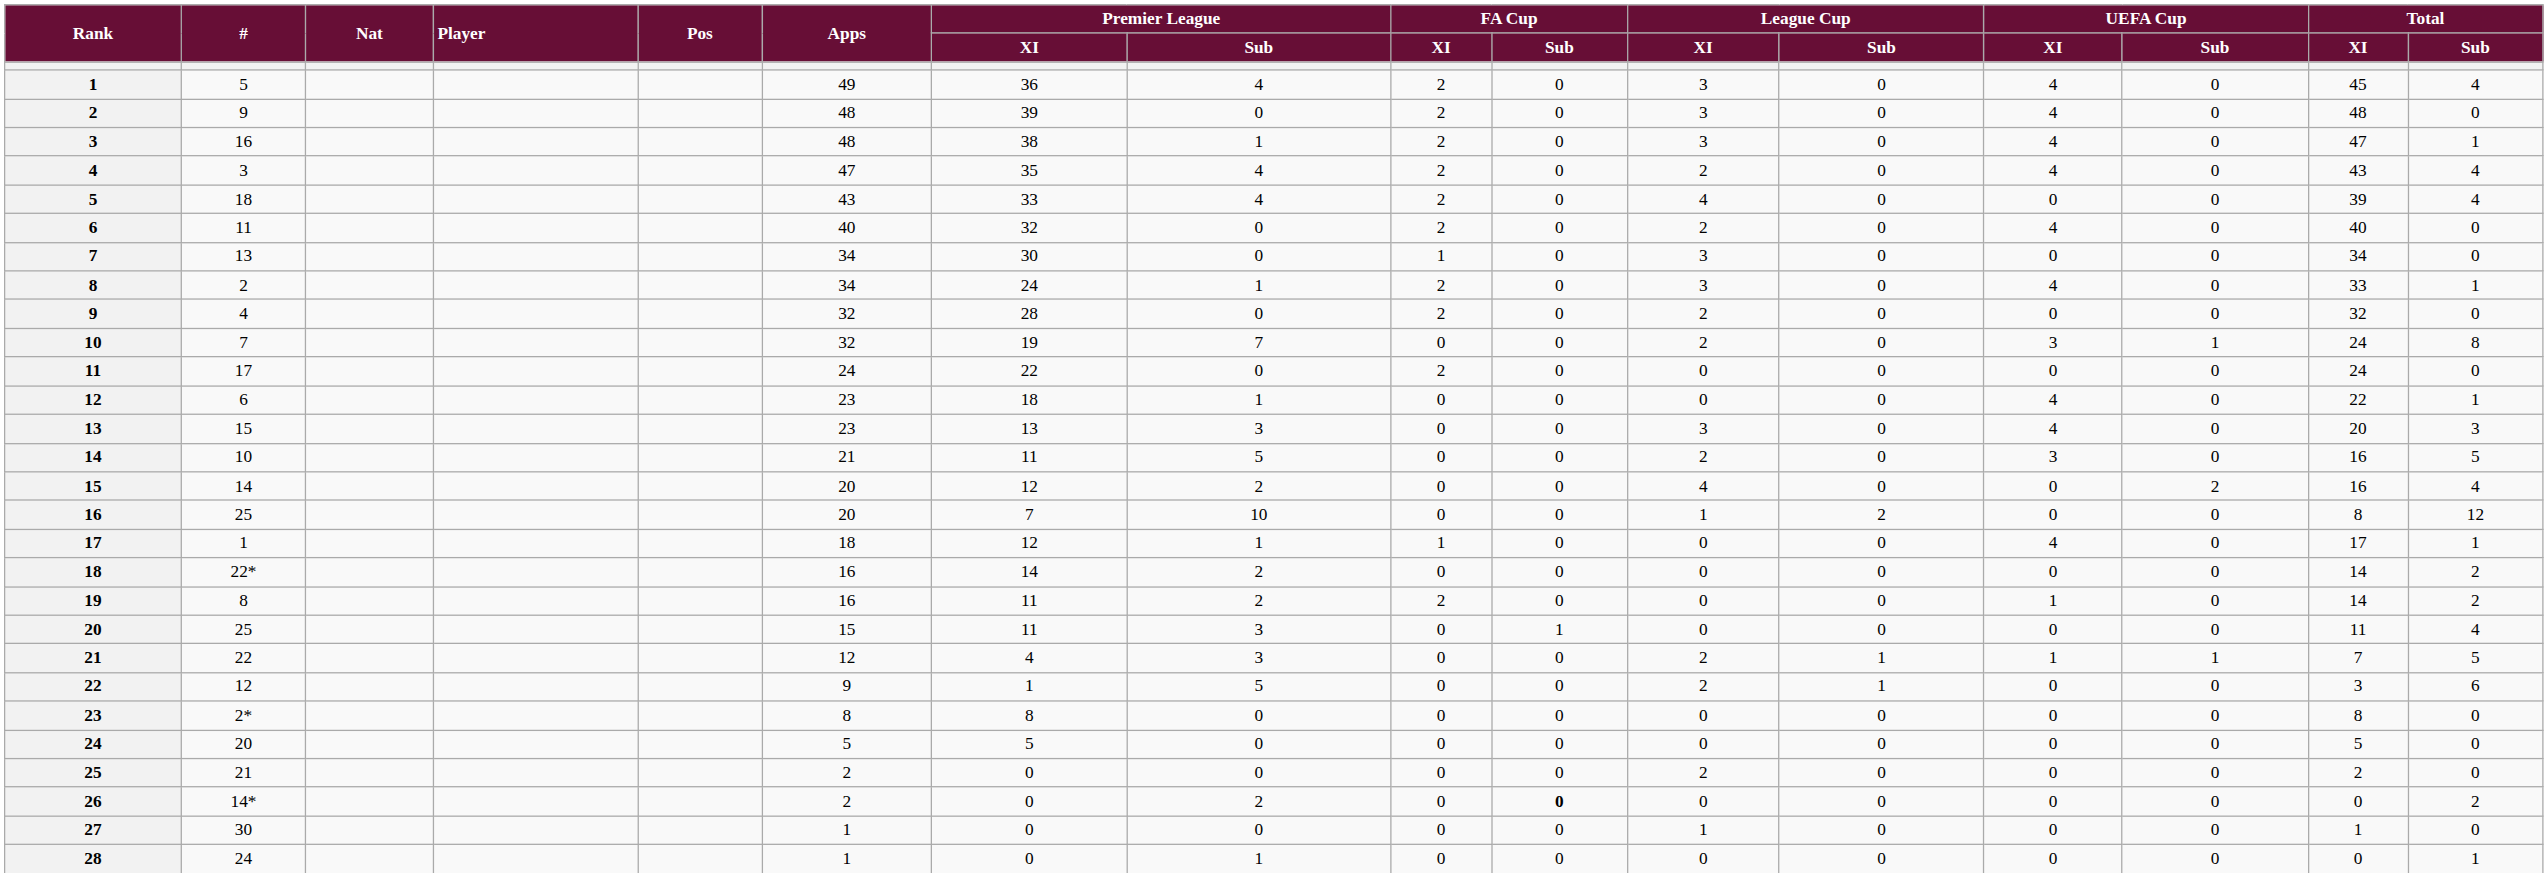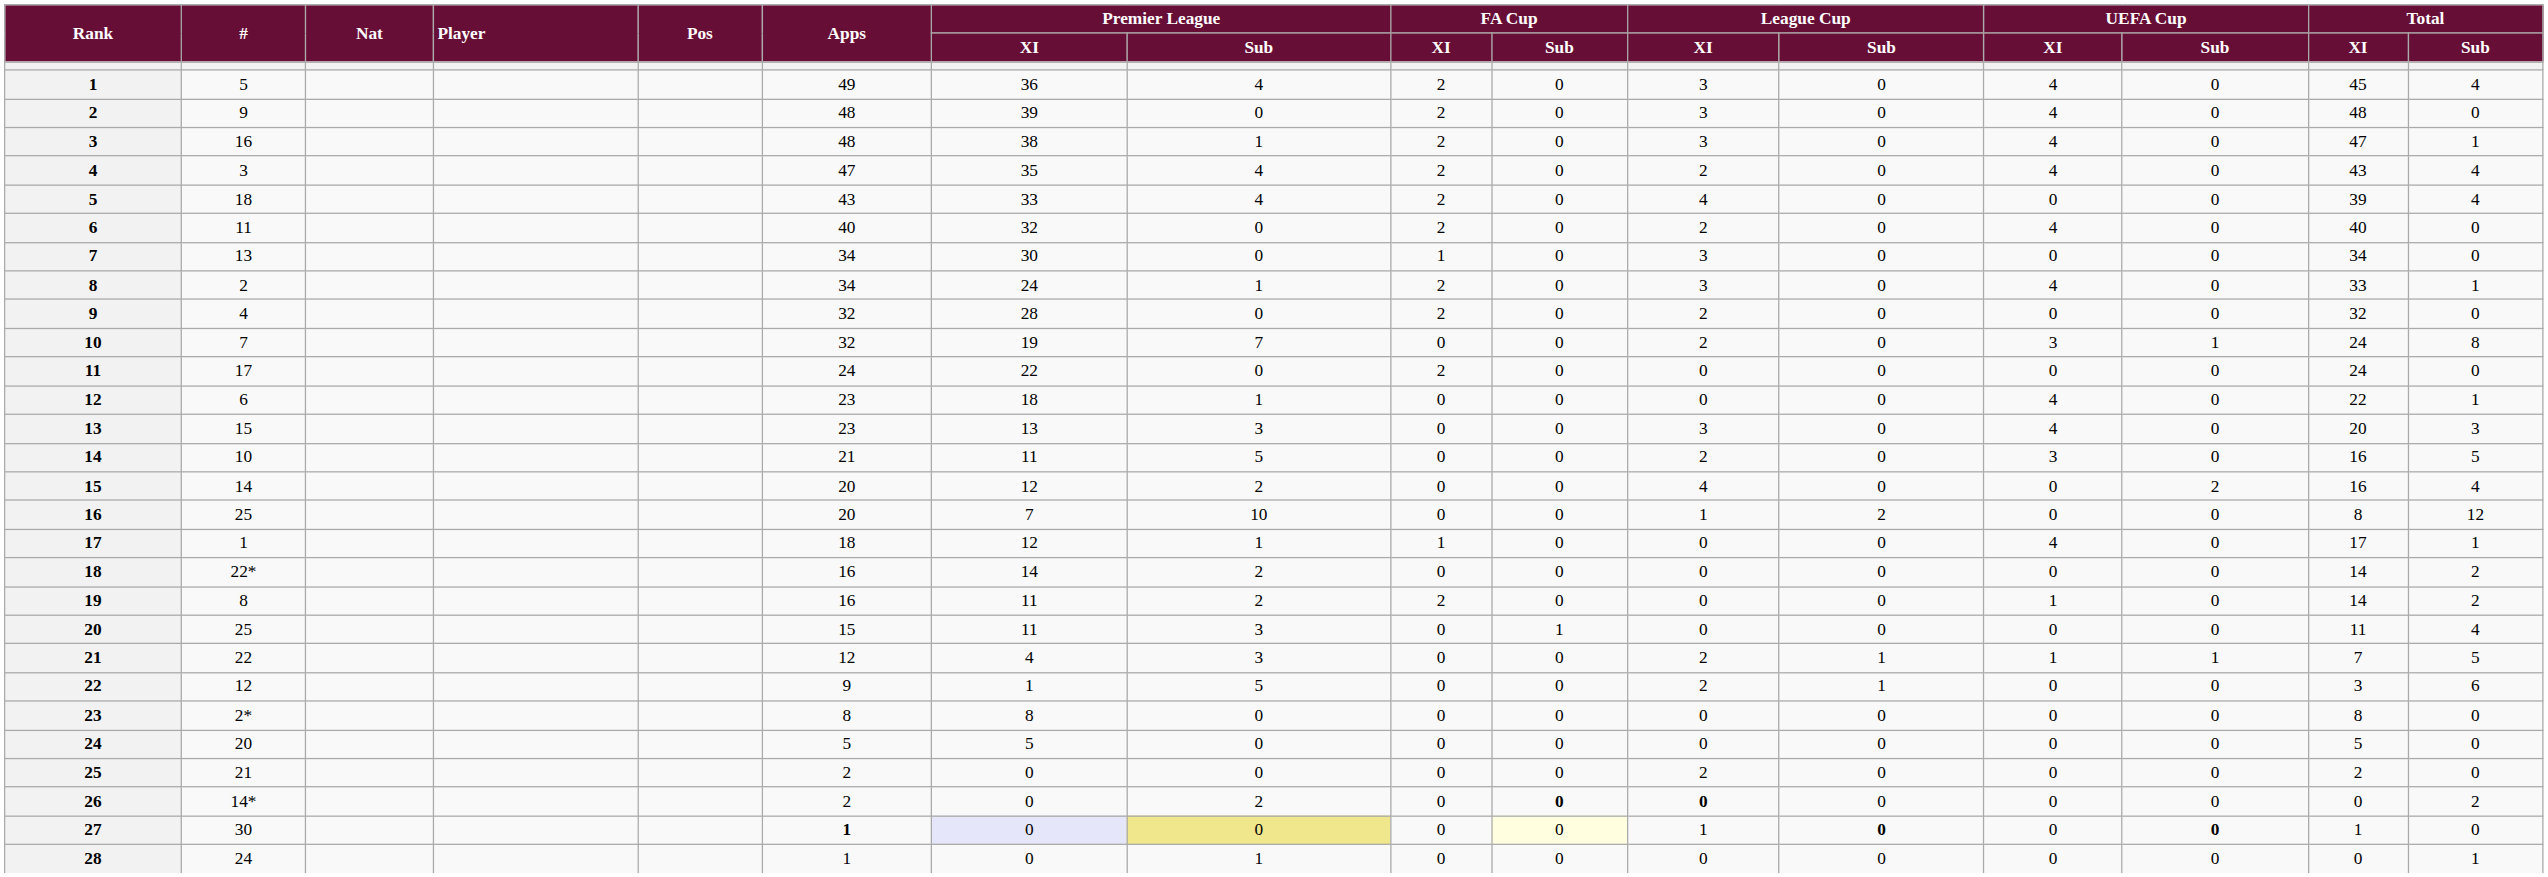 <table class="wikitable sortable" style="text-align:center; font-size:84.5%; width:100%;">
 <tr>
 <th rowspan="2"; style="background:#670E36; color:#FFFFFF; text-align:center;">Rank</th>
 <th rowspan="2"; style="background:#670E36; color:#FFFFFF; text-align:center;">#</th>
 <th rowspan="2"; style="background:#670E36; color:#FFFFFF; text-align:center;">Nat</th>
 <th rowspan="2"; style="background:#670E36; color:#FFFFFF; text-align:left;">Player</th>
 <th rowspan="2"; style="background:#670E36; color:#FFFFFF; text-align:center;">Pos</th>
 <th rowspan="2"; style="background:#670E36; color:#FFFFFF; text-align:center;">Apps</th>
 <th colspan="2"; style="background:#670E36; color:#FFFFFF; text-align:center;">Premier League</th>
 <th colspan="2"; style="background:#670E36; color:#FFFFFF; text-align:center;">FA Cup</th>
 <th colspan="2"; style="background:#670E36; color:#FFFFFF; text-align:center;">League Cup</th>
 <th colspan="2"; style="background:#670E36; color:#FFFFFF; text-align:center;">UEFA Cup</th>
 <th colspan="2"; style="background:#670E36; color:#FFFFFF; text-align:center;">Total</th>
 </tr>
 <tr>
 <th style="background:#670E36; color:#FFFFFF; text-align:center;">XI</th>
 <th style="background:#670E36; color:#FFFFFF; text-align:center;">Sub</th>
 <th style="background:#670E36; color:#FFFFFF; text-align:center;">XI</th>
 <th style="background:#670E36; color:#FFFFFF; text-align:center;">Sub</th>
 <th style="background:#670E36; color:#FFFFFF; text-align:center;">XI</th>
 <th style="background:#670E36; color:#FFFFFF; text-align:center;">Sub</th>
 <th style="background:#670E36; color:#FFFFFF; text-align:center;">XI</th>
 <th style="background:#670E36; color:#FFFFFF; text-align:center;">Sub</th>
 <th style="background:#670E36; color:#FFFFFF; text-align:center;">XI</th>
 <th style="background:#670E36; color:#FFFFFF; text-align:center;">Sub</th>
 </tr>
 <tr>
 <th></th>
 <th></th>
 <th></th>
 <th></th>
 <th></th>
 <th></th>
 <th></th>
 <th></th>
 <th></th>
 <th></th>
 <th></th>
 <th></th>
 <th></th>
 <th></th>
 <th></th>
 <th></th>
 </tr>
 <tr>
 <th>1</th>
 <td>5</td>
 <td></td>
 <td style="text-align:left;"></td>
 <td></td>
 <td>49</td>
 <td>36</td>
 <td>4</td>
 <td>2</td>
 <td>0</td>
 <td>3</td>
 <td>0</td>
 <td>4</td>
 <td>0</td>
 <td>45</td>
 <td>4</td>
 </tr>
 <tr>
 <th>2</th>
 <td>9</td>
 <td></td>
 <td style="text-align:left;"></td>
 <td></td>
 <td>48</td>
 <td>39</td>
 <td>0</td>
 <td>2</td>
 <td>0</td>
 <td>3</td>
 <td>0</td>
 <td>4</td>
 <td>0</td>
 <td>48</td>
 <td>0</td>
 </tr>
 <tr>
 <th>3</th>
 <td>16</td>
 <td></td>
 <td style="text-align:left;"></td>
 <td></td>
 <td>48</td>
 <td>38</td>
 <td>1</td>
 <td>2</td>
 <td>0</td>
 <td>3</td>
 <td>0</td>
 <td>4</td>
 <td>0</td>
 <td>47</td>
 <td>1</td>
 </tr>
 <tr>
 <th>4</th>
 <td>3</td>
 <td></td>
 <td style="text-align:left;"></td>
 <td></td>
 <td>47</td>
 <td>35</td>
 <td>4</td>
 <td>2</td>
 <td>0</td>
 <td>2</td>
 <td>0</td>
 <td>4</td>
 <td>0</td>
 <td>43</td>
 <td>4</td>
 </tr>
 <tr>
 <th>5</th>
 <td>18</td>
 <td></td>
 <td style="text-align:left;"></td>
 <td></td>
 <td>43</td>
 <td>33</td>
 <td>4</td>
 <td>2</td>
 <td>0</td>
 <td>4</td>
 <td>0</td>
 <td>0</td>
 <td>0</td>
 <td>39</td>
 <td>4</td>
 </tr>
 <tr>
 <th>6</th>
 <td>11</td>
 <td></td>
 <td style="text-align:left;"></td>
 <td></td>
 <td>40</td>
 <td>32</td>
 <td>0</td>
 <td>2</td>
 <td>0</td>
 <td>2</td>
 <td>0</td>
 <td>4</td>
 <td>0</td>
 <td>40</td>
 <td>0</td>
 </tr>
 <tr>
 <th>7</th>
 <td>13</td>
 <td></td>
 <td style="text-align:left;"></td>
 <td></td>
 <td>34</td>
 <td>30</td>
 <td>0</td>
 <td>1</td>
 <td>0</td>
 <td>3</td>
 <td>0</td>
 <td>0</td>
 <td>0</td>
 <td>34</td>
 <td>0</td>
 </tr>
 <tr>
 <th>8</th>
 <td>2</td>
 <td></td>
 <td style="text-align:left;"></td>
 <td></td>
 <td>34</td>
 <td>24</td>
 <td>1</td>
 <td>2</td>
 <td>0</td>
 <td>3</td>
 <td>0</td>
 <td>4</td>
 <td>0</td>
 <td>33</td>
 <td>1</td>
 </tr>
 <tr>
 <th>9</th>
 <td>4</td>
 <td></td>
 <td style="text-align:left;"></td>
 <td></td>
 <td>32</td>
 <td>28</td>
 <td>0</td>
 <td>2</td>
 <td>0</td>
 <td>2</td>
 <td>0</td>
 <td>0</td>
 <td>0</td>
 <td>32</td>
 <td>0</td>
 </tr>
 <tr>
 <th>10</th>
 <td>7</td>
 <td></td>
 <td style="text-align:left;"></td>
 <td></td>
 <td>32</td>
 <td>19</td>
 <td>7</td>
 <td>0</td>
 <td>0</td>
 <td>2</td>
 <td>0</td>
 <td>3</td>
 <td>1</td>
 <td>24</td>
 <td>8</td>
 </tr>
 <tr>
 <th>11</th>
 <td>17</td>
 <td></td>
 <td style="text-align:left;"></td>
 <td></td>
 <td>24</td>
 <td>22</td>
 <td>0</td>
 <td>2</td>
 <td>0</td>
 <td>0</td>
 <td>0</td>
 <td>0</td>
 <td>0</td>
 <td>24</td>
 <td>0</td>
 </tr>
 <tr>
 <th>12</th>
 <td>6</td>
 <td></td>
 <td style="text-align:left;"></td>
 <td></td>
 <td>23</td>
 <td>18</td>
 <td>1</td>
 <td>0</td>
 <td>0</td>
 <td>0</td>
 <td>0</td>
 <td>4</td>
 <td>0</td>
 <td>22</td>
 <td>1</td>
 </tr>
 <tr>
 <th>13</th>
 <td>15</td>
 <td></td>
 <td style="text-align:left;"></td>
 <td></td>
 <td>23</td>
 <td>13</td>
 <td>3</td>
 <td>0</td>
 <td>0</td>
 <td>3</td>
 <td>0</td>
 <td>4</td>
 <td>0</td>
 <td>20</td>
 <td>3</td>
 </tr>
 <tr>
 <th>14</th>
 <td>10</td>
 <td></td>
 <td style="text-align:left;"></td>
 <td></td>
 <td>21</td>
 <td>11</td>
 <td>5</td>
 <td>0</td>
 <td>0</td>
 <td>2</td>
 <td>0</td>
 <td>3</td>
 <td>0</td>
 <td>16</td>
 <td>5</td>
 </tr>
 <tr>
 <th>15</th>
 <td>14</td>
 <td></td>
 <td style="text-align:left;"></td>
 <td></td>
 <td>20</td>
 <td>12</td>
 <td>2</td>
 <td>0</td>
 <td>0</td>
 <td>4</td>
 <td>0</td>
 <td>0</td>
 <td>2</td>
 <td>16</td>
 <td>4</td>
 </tr>
 <tr>
 <th>16</th>
 <td>25</td>
 <td></td>
 <td style="text-align:left;"></td>
 <td></td>
 <td>20</td>
 <td>7</td>
 <td>10</td>
 <td>0</td>
 <td>0</td>
 <td>1</td>
 <td>2</td>
 <td>0</td>
 <td>0</td>
 <td>8</td>
 <td>12</td>
 </tr>
 <tr>
 <th>17</th>
 <td>1</td>
 <td></td>
 <td style="text-align:left;"></td>
 <td></td>
 <td>18</td>
 <td>12</td>
 <td>1</td>
 <td>1</td>
 <td>0</td>
 <td>0</td>
 <td>0</td>
 <td>4</td>
 <td>0</td>
 <td>17</td>
 <td>1</td>
 </tr>
 <tr>
 <th>18</th>
 <td>22*</td>
 <td></td>
 <td style="text-align:left;"></td>
 <td></td>
 <td>16</td>
 <td>14</td>
 <td>2</td>
 <td>0</td>
 <td>0</td>
 <td>0</td>
 <td>0</td>
 <td>0</td>
 <td>0</td>
 <td>14</td>
 <td>2</td>
 </tr>
 <tr>
 <th>19</th>
 <td>8</td>
 <td></td>
 <td style="text-align:left;"></td>
 <td></td>
 <td>16</td>
 <td>11</td>
 <td>2</td>
 <td>2</td>
 <td>0</td>
 <td>0</td>
 <td>0</td>
 <td>1</td>
 <td>0</td>
 <td>14</td>
 <td>2</td>
 </tr>
 <tr>
 <th>20</th>
 <td>25</td>
 <td></td>
 <td style="text-align:left;"></td>
 <td></td>
 <td>15</td>
 <td>11</td>
 <td>3</td>
 <td>0</td>
 <td>1</td>
 <td>0</td>
 <td>0</td>
 <td>0</td>
 <td>0</td>
 <td>11</td>
 <td>4</td>
 </tr>
 <tr>
 <th>21</th>
 <td>22</td>
 <td></td>
 <td style="text-align:left;"></td>
 <td></td>
 <td>12</td>
 <td>4</td>
 <td>3</td>
 <td>0</td>
 <td>0</td>
 <td>2</td>
 <td>1</td>
 <td>1</td>
 <td>1</td>
 <td>7</td>
 <td>5</td>
 </tr>
 <tr>
 <th>22</th>
 <td>12</td>
 <td></td>
 <td style="text-align:left;"></td>
 <td></td>
 <td>9</td>
 <td>1</td>
 <td>5</td>
 <td>0</td>
 <td>0</td>
 <td>2</td>
 <td>1</td>
 <td>0</td>
 <td>0</td>
 <td>3</td>
 <td>6</td>
 </tr>
 <tr>
 <th>23</th>
 <td>2*</td>
 <td></td>
 <td style="text-align:left;"></td>
 <td></td>
 <td>8</td>
 <td>8</td>
 <td>0</td>
 <td>0</td>
 <td>0</td>
 <td>0</td>
 <td>0</td>
 <td>0</td>
 <td>0</td>
 <td>8</td>
 <td>0</td>
 </tr>
 <tr>
 <th>24</th>
 <td>20</td>
 <td></td>
 <td style="text-align:left;"></td>
 <td></td>
 <td>5</td>
 <td>5</td>
 <td>0</td>
 <td>0</td>
 <td>0</td>
 <td>0</td>
 <td>0</td>
 <td>0</td>
 <td>0</td>
 <td>5</td>
 <td>0</td>
 </tr>
 <tr>
 <th>25</th>
 <td>21</td>
 <td></td>
 <td style="text-align:left;"></td>
 <td></td>
 <td>2</td>
 <td>0</td>
 <td>0</td>
 <td>0</td>
 <td>0</td>
 <td>2</td>
 <td>0</td>
 <td>0</td>
 <td>0</td>
 <td>2</td>
 <td>0</td>
 </tr>
 <tr>
 <th>26</th>
 <td>14*</td>
 <td></td>
 <td style="text-align:left;"></td>
 <td></td>
 <td>2</td>
 <td>0</td>
 <td>2</td>
 <td>0</td>
 <td><strong>0</strong></td>
-<td>0</td>
+<td><strong>0</strong></td>
 <td>0</td>
 <td>0</td>
 <td>0</td>
 <td>0</td>
 <td>2</td>
 </tr>
 <tr>
 <th>27</th>
 <td>30</td>
 <td></td>
 <td style="text-align:left;"></td>
 <td></td>
+<td><strong>1</strong></td>
+<td style="background: lavender;">0</td>
+<td style="background: khaki;">0</td>
+<td>0</td>
+<td style="background: lightyellow;">0</td>
 <td>1</td>
+<td><strong>0</strong></td>
 <td>0</td>
-<td>0</td>
-<td>0</td>
-<td>0</td>
-<td>1</td>
-<td>0</td>
-<td>0</td>
-<td>0</td>
+<td><strong>0</strong></td>
 <td>1</td>
 <td>0</td>
 </tr>
 <tr>
 <th>28</th>
 <td>24</td>
 <td></td>
 <td style="text-align:left;"></td>
 <td></td>
 <td>1</td>
 <td>0</td>
 <td>1</td>
 <td>0</td>
 <td>0</td>
 <td>0</td>
 <td>0</td>
 <td>0</td>
 <td>0</td>
 <td>0</td>
 <td>1</td>
 </tr>
 </table>
